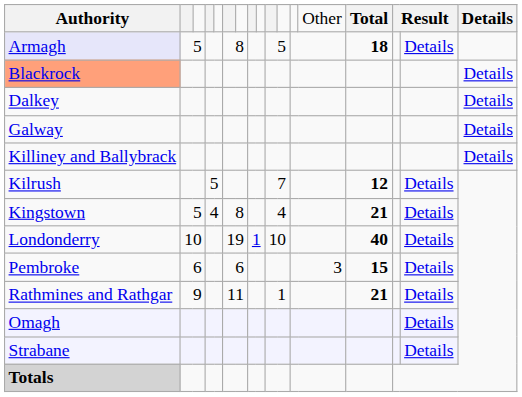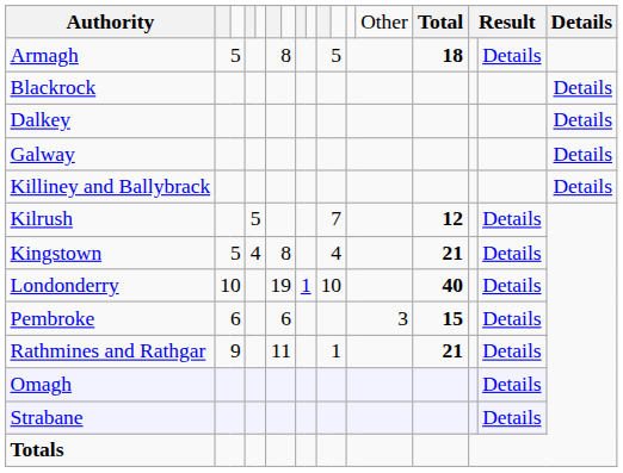 <table class="wikitable" style="text-align:right; padding-left:1em">
 <tr>
 <th align="left">Authority</th>
 <th style="background-color: "></th>
 <td><a href='#'></a></td>
 <th style="background-color: "></th>
 <td><a href='#'></a></td>
 <th style="background-color: "></th>
 <td><a href='#'></a></td>
 <th style="background-color: "></th>
 <td><a href='#'></a></td>
 <th style="background-color: "></th>
 <td><a href='#'></a></td>
 <td></td>
 <td>Other</td>
 <th align="left">Total</th>
 <th colspan=2>Result</th>
 <th>Details</th>
 </tr>
 <tr>
-<td align=left style="background: lavender;"><a href='#'>Armagh</a></td>
+<td align=left><a href='#'>Armagh</a></td>
 <td colspan=2>5</td>
 <td colspan=2></td>
 <td colspan=2>8</td>
 <td colspan=2></td>
 <td colspan=2>5</td>
 <td colspan=2></td>
 <td><strong>18</strong></td>
 <td></td>
 <td><a href='#'>Details</a></td>
 </tr>
 <tr>
-<td align=left style="background: lightsalmon;"><a href='#'>Blackrock</a></td>
+<td align=left><a href='#'>Blackrock</a></td>
 <td colspan=2></td>
 <td colspan=2></td>
 <td colspan=2></td>
 <td colspan=2></td>
 <td colspan=2></td>
 <td colspan=2></td>
 <td></td>
 <td></td>
 <td></td>
 <td><a href='#'>Details</a></td>
 </tr>
 <tr>
 <td align=left><a href='#'>Dalkey</a></td>
 <td colspan=2></td>
 <td colspan=2></td>
 <td colspan=2></td>
 <td colspan=2></td>
 <td colspan=2></td>
 <td colspan=2></td>
 <td></td>
 <td></td>
 <td></td>
 <td><a href='#'>Details</a></td>
 </tr>
 <tr>
 <td align=left><a href='#'>Galway</a></td>
 <td colspan=2></td>
 <td colspan=2></td>
 <td colspan=2></td>
 <td colspan=2></td>
 <td colspan=2></td>
 <td colspan=2></td>
 <td></td>
 <td></td>
 <td></td>
 <td><a href='#'>Details</a></td>
 </tr>
 <tr>
 <td align=left><a href='#'>Killiney and Ballybrack</a></td>
 <td colspan=2></td>
 <td colspan=2></td>
 <td colspan=2></td>
 <td colspan=2></td>
 <td colspan=2></td>
 <td colspan=2></td>
 <td></td>
 <td></td>
 <td></td>
 <td><a href='#'>Details</a></td>
 </tr>
 <tr>
 <td align=left><a href='#'>Kilrush</a></td>
 <td colspan=2></td>
 <td colspan=2>5</td>
 <td colspan=2></td>
 <td colspan=2></td>
 <td colspan=2>7</td>
 <td colspan=2></td>
 <td><strong>12</strong></td>
 <td></td>
 <td><a href='#'>Details</a></td>
 </tr>
 <tr>
 <td align=left><a href='#'>Kingstown</a></td>
 <td colspan=2>5</td>
 <td colspan=2>4</td>
 <td colspan=2>8</td>
 <td colspan=2></td>
 <td colspan=2>4</td>
 <td colspan=2></td>
 <td><strong>21</strong></td>
 <td></td>
 <td><a href='#'>Details</a></td>
 </tr>
 <tr>
 <td align=left><a href='#'>Londonderry</a></td>
 <td colspan=2>10</td>
 <td colspan=2></td>
 <td colspan=2>19</td>
 <td colspan=2><a href='#'>1</a></td>
 <td colspan=2>10</td>
 <td colspan=2></td>
 <td><strong>40</strong></td>
 <td></td>
 <td><a href='#'>Details</a></td>
 </tr>
 <tr>
 <td align=left><a href='#'>Pembroke</a></td>
 <td colspan=2>6</td>
 <td colspan=2></td>
 <td colspan=2>6</td>
 <td colspan=2></td>
 <td colspan=2></td>
 <td colspan=2>3</td>
 <td><strong>15</strong></td>
 <td></td>
 <td><a href='#'>Details</a></td>
 </tr>
 <tr>
 <td align=left><a href='#'>Rathmines and Rathgar</a></td>
 <td colspan=2>9</td>
 <td colspan=2></td>
 <td colspan=2>11</td>
 <td colspan=2></td>
 <td colspan=2>1</td>
 <td colspan=2></td>
 <td><strong>21</strong></td>
 <td></td>
 <td><a href='#'>Details</a></td>
 </tr>
 <tr bgcolor=F3F3FF>
 <td align=left><a href='#'>Omagh</a></td>
 <td colspan=2></td>
 <td colspan=2></td>
 <td colspan=2></td>
 <td colspan=2></td>
 <td colspan=2></td>
 <td colspan=2></td>
 <td></td>
 <td></td>
 <td><a href='#'>Details</a></td>
 </tr>
 <tr bgcolor=F3F3FF>
 <td align=left><a href='#'>Strabane</a></td>
 <td colspan=2></td>
 <td colspan=2></td>
 <td colspan=2></td>
 <td colspan=2></td>
 <td colspan=2></td>
 <td colspan=2></td>
 <td></td>
 <td></td>
 <td><a href='#'>Details</a></td>
 </tr>
 <tr>
-<td align=left style="background: lightgrey;"><strong>Totals</strong></td>
+<td align=left><strong>Totals</strong></td>
 <td colspan=2></td>
 <td colspan=2></td>
 <td colspan=2></td>
 <td colspan=2></td>
 <td colspan=2></td>
 <td colspan=2></td>
 <td></td>
 </tr>
 </table>
